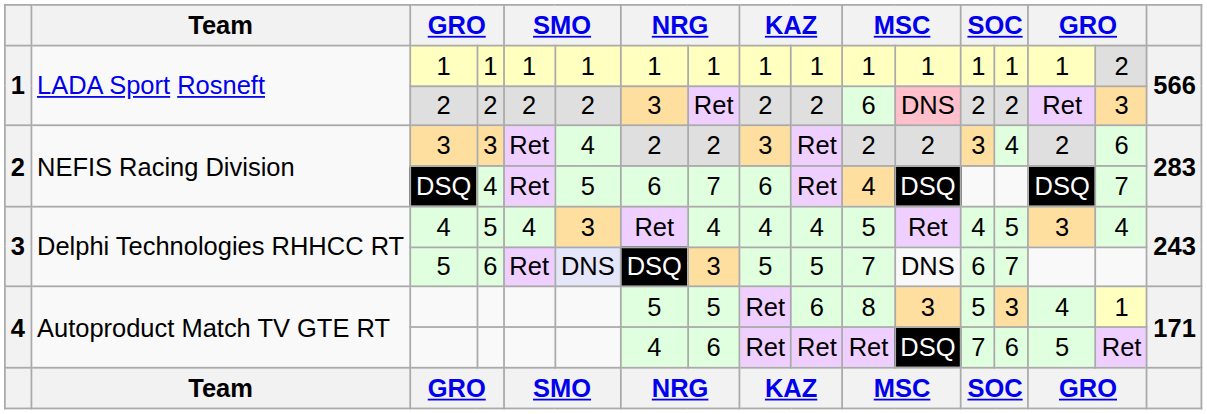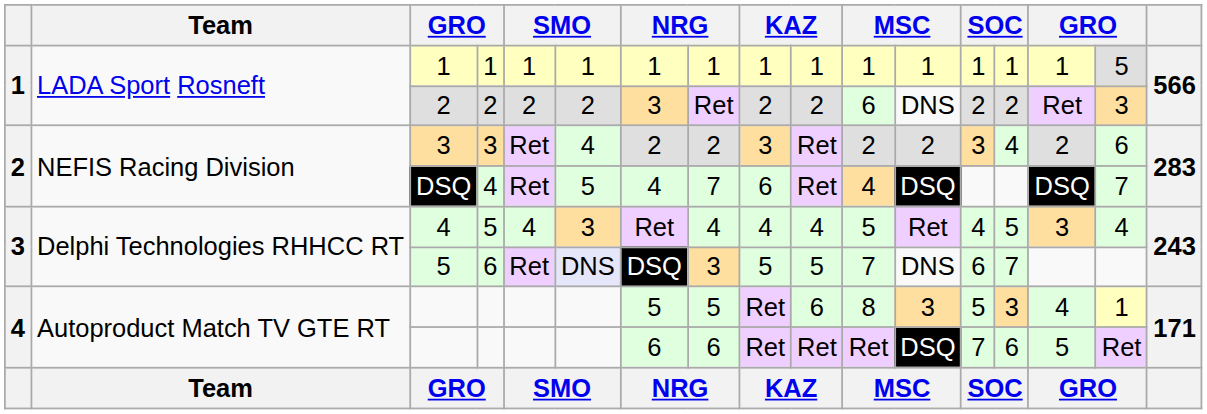 <table align=left| class="wikitable" style="font-size: 90%; text-align: center">
 <tr valign="top">
 <th valign="middle"></th>
 <th valign="middle">Team</th>
 <th colspan=2><a href='#'>GRO</a></th>
 <th colspan=2><a href='#'>SMO</a></th>
 <th colspan=2><a href='#'>NRG</a></th>
 <th colspan=2><a href='#'>KAZ</a></th>
 <th colspan=2><a href='#'>MSC</a></th>
 <th colspan=2><a href='#'>SOC</a></th>
 <th colspan=2><a href='#'>GRO</a></th>
 <th valign="middle"></th>
 </tr>
 <tr>
 <th rowspan="2">1</th>
 <td rowspan="2" align=left><a href='#'>LADA Sport</a> <a href='#'>Rosneft</a></td>
 <td style="background:#ffffbf;">1</td>
 <td style="background:#ffffbf;">1</td>
 <td style="background:#ffffbf;">1</td>
 <td style="background:#ffffbf;">1</td>
 <td style="background:#ffffbf;">1</td>
 <td style="background:#ffffbf;">1</td>
 <td style="background:#ffffbf;">1</td>
 <td style="background:#ffffbf;">1</td>
 <td style="background:#ffffbf;">1</td>
 <td style="background:#ffffbf;">1</td>
 <td style="background:#ffffbf;">1</td>
 <td style="background:#ffffbf;">1</td>
 <td style="background:#ffffbf;">1</td>
-<td style="background:#dfdfdf;">2</td>
+<td style="background:#dfdfdf;">5</td>
 <th rowspan="2">566</th>
 </tr>
 <tr>
 <td style="background:#dfdfdf;">2</td>
 <td style="background:#dfdfdf;">2</td>
 <td style="background:#dfdfdf;">2</td>
 <td style="background:#dfdfdf;">2</td>
 <td style="background:#ffdf9f;">3</td>
 <td style="background:#efcfff;">Ret</td>
 <td style="background:#dfdfdf;">2</td>
 <td style="background:#dfdfdf;">2</td>
 <td style="background:#dfffdf;">6</td>
-<td style="background: pink;">DNS</td>
+<td>DNS</td>
 <td style="background:#dfdfdf;">2</td>
 <td style="background:#dfdfdf;">2</td>
 <td style="background:#efcfff;">Ret</td>
 <td style="background:#ffdf9f;">3</td>
 </tr>
 <tr>
 <th rowspan="2">2</th>
 <td rowspan="2" align=left>NEFIS Racing Division</td>
 <td style="background:#ffdf9f;">3</td>
 <td style="background:#ffdf9f;">3</td>
 <td style="background:#efcfff;">Ret</td>
 <td style="background:#dfffdf;">4</td>
 <td style="background:#dfdfdf;">2</td>
 <td style="background:#dfdfdf;">2</td>
 <td style="background:#ffdf9f;">3</td>
 <td style="background:#efcfff;">Ret</td>
 <td style="background:#dfdfdf;">2</td>
 <td style="background:#dfdfdf;">2</td>
 <td style="background:#ffdf9f;">3</td>
 <td style="background:#dfffdf;">4</td>
 <td style="background:#dfdfdf;">2</td>
 <td style="background:#dfffdf;">6</td>
 <th rowspan="2">283</th>
 </tr>
 <tr>
 <td style="background:black; color:white;">DSQ</td>
 <td style="background:#dfffdf;">4</td>
 <td style="background:#efcfff;">Ret</td>
 <td style="background:#dfffdf;">5</td>
-<td style="background:#dfffdf;">6</td>
+<td style="background:#dfffdf;">4</td>
 <td style="background:#dfffdf;">7</td>
 <td style="background:#dfffdf;">6</td>
 <td style="background:#efcfff;">Ret</td>
 <td style="background:#ffdf9f;">4</td>
 <td style="background:black; color:white;">DSQ</td>
 <td></td>
 <td></td>
 <td style="background:black; color:white;">DSQ</td>
 <td style="background:#dfffdf;">7</td>
 </tr>
 <tr>
 <th rowspan="2">3</th>
 <td rowspan="2" align=left>Delphi Technologies RHHCC RT</td>
 <td style="background:#dfffdf;">4</td>
 <td style="background:#dfffdf;">5</td>
 <td style="background:#dfffdf;">4</td>
 <td style="background:#ffdf9f;">3</td>
 <td style="background:#efcfff;">Ret</td>
 <td style="background:#dfffdf;">4</td>
 <td style="background:#dfffdf;">4</td>
 <td style="background:#dfffdf;">4</td>
 <td style="background:#dfffdf;">5</td>
 <td style="background:#efcfff;">Ret</td>
 <td style="background:#dfffdf;">4</td>
 <td style="background:#dfffdf;">5</td>
 <td style="background:#ffdf9f;">3</td>
 <td style="background:#dfffdf;">4</td>
 <th rowspan="2">243</th>
 </tr>
 <tr>
 <td style="background:#dfffdf;">5</td>
 <td style="background:#dfffdf;">6</td>
 <td style="background:#efcfff;">Ret</td>
 <td style="background: lavender;">DNS</td>
 <td style="background:black; color:white;">DSQ</td>
 <td style="background:#ffdf9f;">3</td>
 <td style="background:#dfffdf;">5</td>
 <td style="background:#dfffdf;">5</td>
 <td style="background:#dfffdf;">7</td>
 <td>DNS</td>
 <td style="background:#dfffdf;">6</td>
 <td style="background:#dfffdf;">7</td>
 <td></td>
 <td></td>
 </tr>
 <tr>
 <th rowspan="2">4</th>
 <td rowspan="2" align=left>Autoproduct Match TV GTE RT</td>
 <td></td>
 <td></td>
 <td></td>
 <td></td>
 <td style="background:#dfffdf;">5</td>
 <td style="background:#dfffdf;">5</td>
 <td style="background:#efcfff;">Ret</td>
 <td style="background:#dfffdf;">6</td>
 <td style="background:#dfffdf;">8</td>
 <td style="background:#ffdf9f;">3</td>
 <td style="background:#dfffdf;">5</td>
 <td style="background:#ffdf9f;">3</td>
 <td style="background:#dfffdf;">4</td>
 <td style="background:#ffffbf;">1</td>
 <th rowspan="2">171</th>
 </tr>
 <tr>
 <td></td>
 <td></td>
 <td></td>
 <td></td>
-<td style="background:#dfffdf;">4</td>
+<td style="background:#dfffdf;">6</td>
 <td style="background:#dfffdf;">6</td>
 <td style="background:#efcfff;">Ret</td>
 <td style="background:#efcfff;">Ret</td>
 <td style="background:#efcfff;">Ret</td>
 <td style="background:black; color:white;">DSQ</td>
 <td style="background:#dfffdf;">7</td>
 <td style="background:#dfffdf;">6</td>
 <td style="background:#dfffdf;">5</td>
 <td style="background:#efcfff;">Ret</td>
 </tr>
 <tr valign="top">
 <th valign="middle"></th>
 <th valign="middle">Team</th>
 <th colspan=2><a href='#'>GRO</a></th>
 <th colspan=2><a href='#'>SMO</a></th>
 <th colspan=2><a href='#'>NRG</a></th>
 <th colspan=2><a href='#'>KAZ</a></th>
 <th colspan=2><a href='#'>MSC</a></th>
 <th colspan=2><a href='#'>SOC</a></th>
 <th colspan=2><a href='#'>GRO</a></th>
 <th valign="middle"></th>
 </tr>
 </table>
